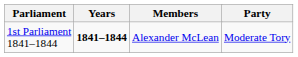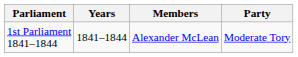 <table class="wikitable">
 <tr>
 <th>Parliament</th>
 <th>Years</th>
 <th colspan="2">Members</th>
 <th>Party</th>
 </tr>
 <tr>
 <td><a href='#'>1st Parliament</a><br>1841–1844</td>
-<td><strong>1841–1844</strong></td>
+<td>1841–1844</td>
 <td colspan="2"><a href='#'>Alexander McLean</a></td>
 <td><a href='#'>Moderate Tory</a></td>
 </tr>
 </table>
